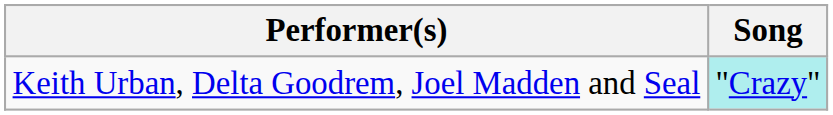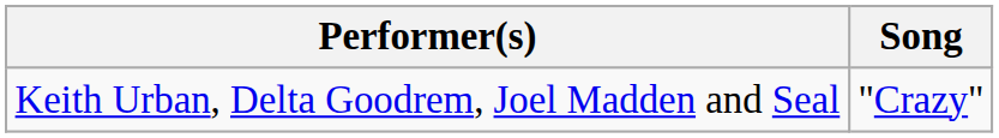 <table class="wikitable plainrowheaders">
 <tr>
 <th scope="col">Performer(s)</th>
 <th scope="col">Song</th>
 </tr>
 <tr>
 <td scope="row"><a href='#'>Keith Urban</a>, <a href='#'>Delta Goodrem</a>, <a href='#'>Joel Madden</a> and <a href='#'>Seal</a></td>
-<td style="background: paleturquoise;">"<a href='#'>Crazy</a>"</td>
+<td>"<a href='#'>Crazy</a>"</td>
 </tr>
 </table>
